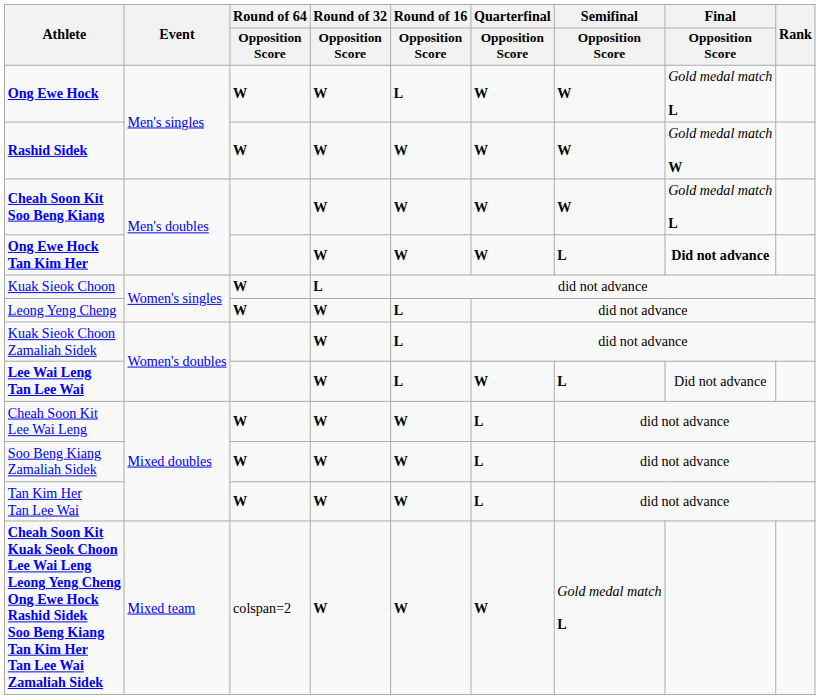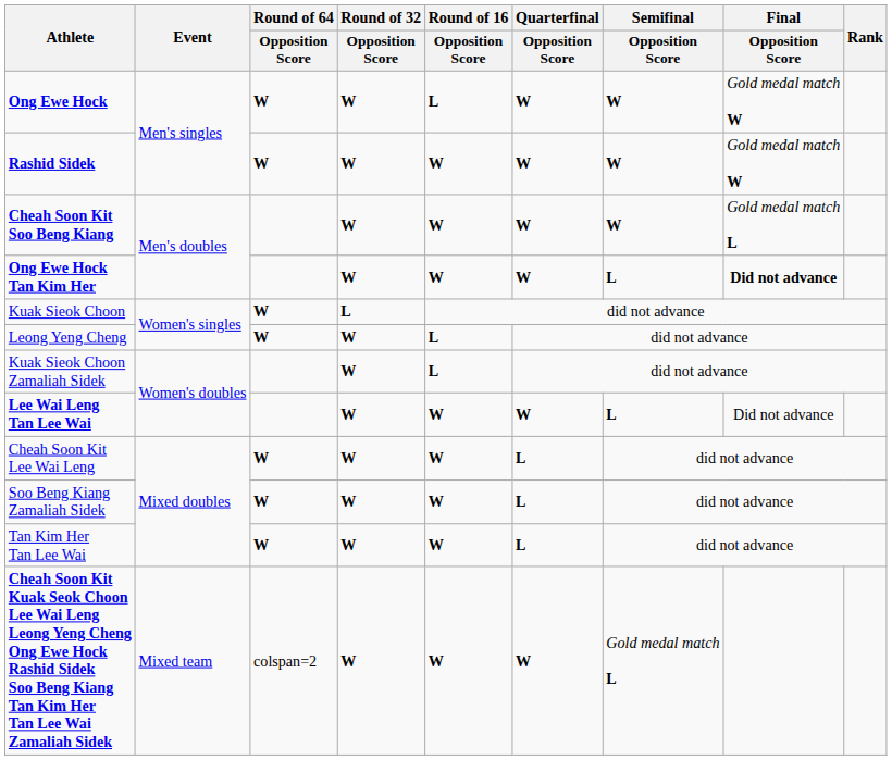 <table class="wikitable" style="font-size:90%">
 <tr>
 <th rowspan=2>Athlete</th>
 <th rowspan=2>Event</th>
 <th>Round of 64</th>
 <th>Round of 32</th>
 <th>Round of 16</th>
 <th>Quarterfinal</th>
 <th>Semifinal</th>
 <th>Final</th>
 <th rowspan=2>Rank</th>
 </tr>
 <tr style="font-size:95%">
 <th>Opposition<br>Score</th>
 <th>Opposition<br>Score</th>
 <th>Opposition<br>Score</th>
 <th>Opposition<br>Score</th>
 <th>Opposition<br>Score</th>
 <th>Opposition<br>Score</th>
 </tr>
 <tr>
 <td><strong><a href='#'>Ong Ewe Hock</a></strong></td>
 <td rowspan=2><a href='#'>Men's singles</a></td>
 <td><strong>W</strong></td>
 <td><strong>W</strong></td>
 <td><strong>L</strong></td>
 <td><strong>W</strong></td>
 <td><strong>W</strong></td>
-<td><em>Gold medal match</em><br><br><strong>L</strong></td>
+<td><em>Gold medal match</em><br><br><strong>W</strong></td>
 <td align=center></td>
 </tr>
 <tr>
 <td><strong><a href='#'>Rashid Sidek</a></strong></td>
 <td><strong>W</strong></td>
 <td><strong>W</strong></td>
 <td><strong>W</strong></td>
 <td><strong>W</strong></td>
 <td><strong>W</strong></td>
 <td><em>Gold medal match</em><br><br><strong>W</strong></td>
 <td align=center></td>
 </tr>
 <tr>
 <td><strong><a href='#'>Cheah Soon Kit</a><br><a href='#'>Soo Beng Kiang</a></strong></td>
 <td rowspan=2><a href='#'>Men's doubles</a></td>
 <td></td>
 <td><strong>W</strong></td>
 <td><strong>W</strong></td>
 <td><strong>W</strong></td>
 <td><strong>W</strong></td>
 <td><em>Gold medal match</em><br><br><strong>L</strong></td>
 <td align=center></td>
 </tr>
 <tr>
 <td><strong><a href='#'>Ong Ewe Hock</a><br><a href='#'>Tan Kim Her</a></strong></td>
 <td></td>
 <td><strong>W</strong></td>
 <td><strong>W</strong></td>
 <td><strong>W</strong></td>
 <td><strong>L</strong></td>
 <td align=center><strong>Did not advance</strong></td>
 <td align=center></td>
 </tr>
 <tr>
 <td><a href='#'>Kuak Sieok Choon</a></td>
 <td rowspan=2><a href='#'>Women's singles</a></td>
 <td><strong>W</strong></td>
 <td><strong>L</strong></td>
 <td align=center colspan=5>did not advance</td>
 </tr>
 <tr>
 <td><a href='#'>Leong Yeng Cheng</a></td>
 <td><strong>W</strong></td>
 <td><strong>W</strong></td>
 <td><strong>L</strong></td>
 <td align=center colspan=4>did not advance</td>
 </tr>
 <tr>
 <td><a href='#'>Kuak Sieok Choon</a><br><a href='#'>Zamaliah Sidek</a></td>
 <td rowspan=2><a href='#'>Women's doubles</a></td>
 <td></td>
 <td><strong>W</strong></td>
 <td><strong>L</strong></td>
 <td align=center colspan=4>did not advance</td>
 </tr>
 <tr>
 <td><strong><a href='#'>Lee Wai Leng</a><br><a href='#'>Tan Lee Wai</a></strong></td>
 <td></td>
 <td><strong>W</strong></td>
-<td><strong>L</strong></td>
+<td><strong>W</strong></td>
 <td><strong>W</strong></td>
 <td><strong>L</strong></td>
 <td align=center>Did not advance</td>
 <td align=center></td>
 </tr>
 <tr>
 <td><a href='#'>Cheah Soon Kit</a><br><a href='#'>Lee Wai Leng</a></td>
 <td rowspan=3><a href='#'>Mixed doubles</a></td>
 <td><strong>W</strong></td>
 <td><strong>W</strong></td>
 <td><strong>W</strong></td>
 <td><strong>L</strong></td>
 <td align=center colspan=3>did not advance</td>
 </tr>
 <tr>
 <td><a href='#'>Soo Beng Kiang</a><br><a href='#'>Zamaliah Sidek</a></td>
 <td><strong>W</strong></td>
 <td><strong>W</strong></td>
 <td><strong>W</strong></td>
 <td><strong>L</strong></td>
 <td align=center colspan=3>did not advance</td>
 </tr>
 <tr>
 <td><a href='#'>Tan Kim Her</a><br><a href='#'>Tan Lee Wai</a></td>
 <td><strong>W</strong></td>
 <td><strong>W</strong></td>
 <td><strong>W</strong></td>
 <td><strong>L</strong></td>
 <td align=center colspan=3>did not advance</td>
 </tr>
 <tr>
 <td><strong><a href='#'>Cheah Soon Kit</a><br><a href='#'>Kuak Seok Choon</a><br><a href='#'>Lee Wai Leng</a><br><a href='#'>Leong Yeng Cheng</a><br><a href='#'>Ong Ewe Hock</a><br><a href='#'>Rashid Sidek</a><br><a href='#'>Soo Beng Kiang</a><br><a href='#'>Tan Kim Her</a><br><a href='#'>Tan Lee Wai</a><br><a href='#'>Zamaliah Sidek</a></strong></td>
 <td rowspan=2><a href='#'>Mixed team</a></td>
 <td>colspan=2 </td>
 <td><strong>W</strong></td>
 <td><strong>W</strong></td>
 <td><strong>W</strong></td>
 <td><em>Gold medal match</em><br><br><strong>L</strong></td>
 <td></td>
 </tr>
 </table>
